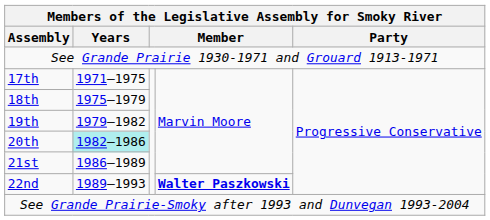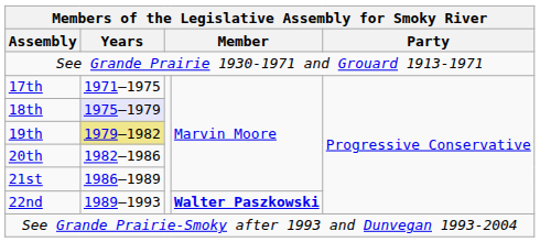 <table class="wikitable" align=right>
 <tr>
 <th colspan=5>Members of the Legislative Assembly for Smoky River</th>
 </tr>
 <tr>
 <th>Assembly</th>
 <th>Years</th>
 <th colspan="2">Member</th>
 <th>Party</th>
 </tr>
 <tr>
 <td align="center" colspan=5><em>See <a href='#'>Grande Prairie</a> 1930-1971  and <a href='#'>Grouard</a> 1913-1971</em></td>
 </tr>
 <tr>
 <td><a href='#'>17th</a></td>
 <td><a href='#'>1971</a>–1975</td>
 <td rowspan=6 ></td>
 <td rowspan=5><a href='#'>Marvin Moore</a></td>
 <td rowspan=6><a href='#'>Progressive Conservative</a></td>
 </tr>
 <tr>
 <td><a href='#'>18th</a></td>
-<td><a href='#'>1975</a>–1979</td>
+<td style="background: lavender;"><a href='#'>1975</a>–1979</td>
 </tr>
 <tr>
 <td><a href='#'>19th</a></td>
-<td><a href='#'>1979</a>–1982</td>
+<td style="background: khaki;"><a href='#'>1979</a>–1982</td>
 </tr>
 <tr>
 <td><a href='#'>20th</a></td>
-<td style="background: paleturquoise;"><a href='#'>1982</a>–1986</td>
+<td><a href='#'>1982</a>–1986</td>
 </tr>
 <tr>
 <td><a href='#'>21st</a></td>
 <td><a href='#'>1986</a>–1989</td>
 </tr>
 <tr>
 <td><a href='#'>22nd</a></td>
 <td><a href='#'>1989</a>–1993</td>
 <td><strong><a href='#'>Walter Paszkowski</a></strong></td>
 </tr>
 <tr>
 <td align="center" colspan=5><em>See <a href='#'>Grande Prairie-Smoky</a> after 1993 and <a href='#'>Dunvegan</a> 1993-2004</em></td>
 </tr>
 </table>
